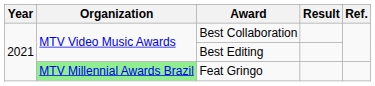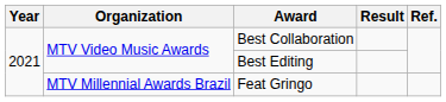 <table class="wikitable">
 <tr>
 <th>Year</th>
 <th>Organization</th>
 <th>Award</th>
 <th>Result</th>
 <th>Ref.</th>
 </tr>
 <tr>
 <td rowspan="3">2021</td>
 <td rowspan="2"><a href='#'>MTV Video Music Awards</a></td>
 <td>Best Collaboration</td>
 <td></td>
 <td rowspan="2"></td>
 </tr>
 <tr>
 <td>Best Editing</td>
 <td></td>
 </tr>
 <tr>
-<td style="background: lightgreen;"><a href='#'>MTV Millennial Awards Brazil</a></td>
+<td><a href='#'>MTV Millennial Awards Brazil</a></td>
 <td>Feat Gringo</td>
 <td></td>
 <td></td>
 </tr>
 </table>
